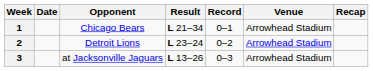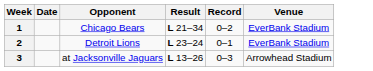 <table class="wikitable" style="text-align:center">
 <tr>
 <th>Week</th>
 <th>Date</th>
 <th>Opponent</th>
 <th>Result</th>
 <th>Record</th>
 <th>Venue</th>
-<th>Recap</th>
 </tr>
 <tr>
 <th>1</th>
 <td></td>
 <td><a href='#'>Chicago Bears</a></td>
 <td><strong>L</strong> 21–34</td>
-<td>0–1</td>
-<td>Arrowhead Stadium</td>
-<td></td>
+<td>0–2</td>
+<td><a href='#'>EverBank Stadium</a></td>
 </tr>
 <tr>
 <th>2</th>
 <td></td>
 <td><a href='#'>Detroit Lions</a></td>
 <td><strong>L</strong> 23–24</td>
-<td>0–2</td>
-<td><a href='#'>Arrowhead Stadium</a></td>
-<td></td>
+<td>0–1</td>
+<td><a href='#'>EverBank Stadium</a></td>
 </tr>
 <tr>
 <th>3</th>
 <td></td>
 <td>at <a href='#'>Jacksonville Jaguars</a></td>
 <td><strong>L</strong> 13–26</td>
 <td>0–3</td>
 <td>Arrowhead Stadium</td>
-<td></td>
 </tr>
 </table>
